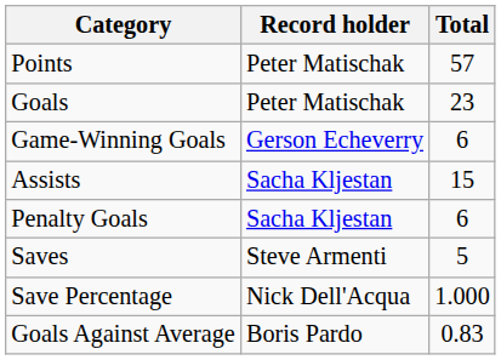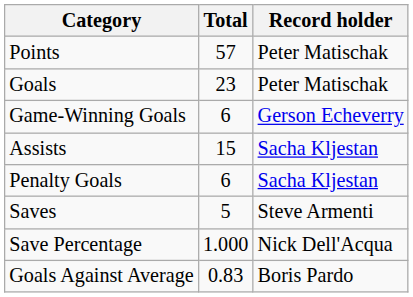 <table class="wikitable sortable">
 <tr>
 <th>Category</th>
+<th>Total</th>
 <th>Record holder</th>
-<th>Total</th>
 </tr>
 <tr>
 <td>Points</td>
+<td align=center>57</td>
 <td> Peter Matischak</td>
-<td align=center>57</td>
 </tr>
 <tr>
 <td>Goals</td>
+<td align=center>23</td>
 <td> Peter Matischak</td>
-<td align=center>23</td>
 </tr>
 <tr>
 <td>Game-Winning Goals</td>
+<td align=center>6</td>
 <td> <a href='#'>Gerson Echeverry</a></td>
-<td align=center>6</td>
 </tr>
 <tr>
 <td>Assists</td>
+<td align=center>15</td>
 <td> <a href='#'>Sacha Kljestan</a></td>
-<td align=center>15</td>
 </tr>
 <tr>
 <td>Penalty Goals</td>
+<td align=center>6</td>
 <td> <a href='#'>Sacha Kljestan</a></td>
-<td align=center>6</td>
 </tr>
 <tr>
 <td>Saves</td>
+<td style="text-align:center;">5</td>
 <td> Steve Armenti</td>
-<td style="text-align:center;">5</td>
 </tr>
 <tr>
 <td>Save Percentage</td>
+<td style="text-align:center;">1.000</td>
 <td> Nick Dell'Acqua</td>
-<td style="text-align:center;">1.000</td>
 </tr>
 <tr>
 <td>Goals Against Average</td>
+<td style="text-align:center;">0.83</td>
 <td> Boris Pardo</td>
-<td style="text-align:center;">0.83</td>
 </tr>
 </table>
